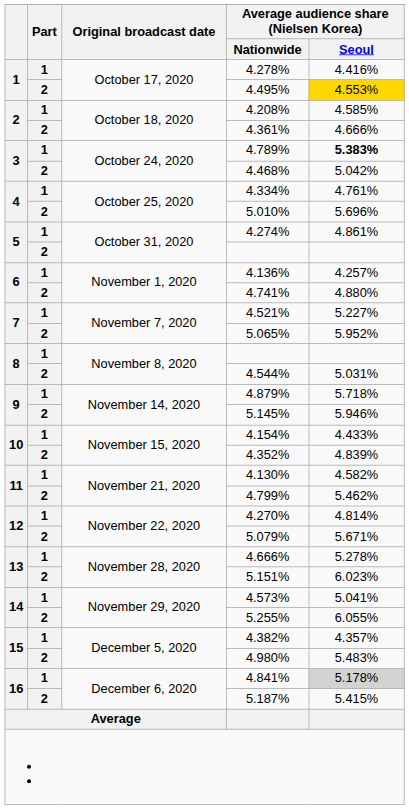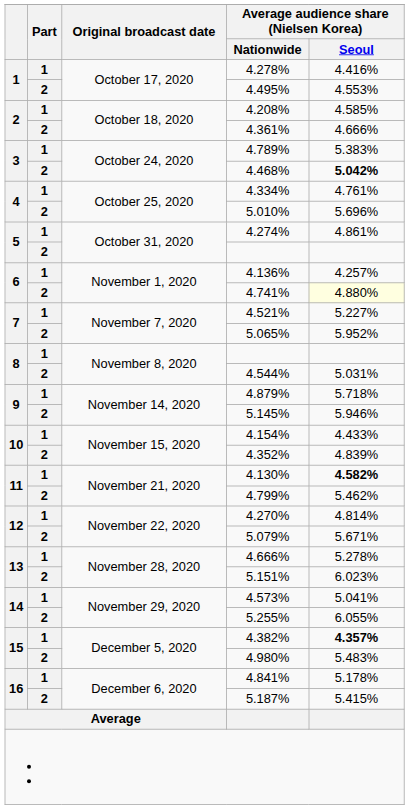 <table class="wikitable" style="text-align:center; margin-left:auto; margin-right:auto; width:500px">
 <tr>
 </tr>
 <tr>
 <th rowspan="2"></th>
 <th rowspan="2">Part</th>
 <th rowspan="2">Original broadcast date</th>
 <th colspan="2">Average audience share<br>(Nielsen Korea)</th>
 </tr>
 <tr>
 <th scope="width:7em">Nationwide</th>
 <th style="width:7em"><a href='#'>Seoul</a></th>
 </tr>
 <tr>
 <th rowspan="2">1</th>
 <th>1</th>
 <td rowspan="2">October 17, 2020</td>
 <td>4.278% </td>
 <td>4.416% </td>
 </tr>
 <tr>
 <th>2</th>
 <td>4.495% </td>
-<td style="background: gold;">4.553% </td>
+<td>4.553% </td>
 </tr>
 <tr>
 <th rowspan="2">2</th>
 <th>1</th>
 <td rowspan="2">October 18, 2020</td>
 <td>4.208% </td>
 <td>4.585% </td>
 </tr>
 <tr>
 <th>2</th>
 <td>4.361% </td>
 <td>4.666% </td>
 </tr>
 <tr>
 <th rowspan="2">3</th>
 <th>1</th>
 <td rowspan="2">October 24, 2020</td>
 <td>4.789% </td>
-<td><strong>5.383% </strong></td>
+<td>5.383% </td>
 </tr>
 <tr>
 <th>2</th>
 <td>4.468% </td>
-<td>5.042% </td>
+<td><strong>5.042% </strong></td>
 </tr>
 <tr>
 <th rowspan="2">4</th>
 <th>1</th>
 <td rowspan="2">October 25, 2020</td>
 <td>4.334% </td>
 <td>4.761% </td>
 </tr>
 <tr>
 <th>2</th>
 <td>5.010% </td>
 <td>5.696% </td>
 </tr>
 <tr>
 <th rowspan="2">5</th>
 <th>1</th>
 <td rowspan="2">October 31, 2020</td>
 <td>4.274% </td>
 <td>4.861% </td>
 </tr>
 <tr>
 <th>2</th>
 <td><strong></strong> </td>
 <td><strong></strong> </td>
 </tr>
 <tr>
 <th rowspan="2">6</th>
 <th>1</th>
 <td rowspan="2">November 1, 2020</td>
 <td>4.136% </td>
 <td>4.257% </td>
 </tr>
 <tr>
 <th>2</th>
 <td>4.741% </td>
-<td>4.880% </td>
+<td style="background: lightyellow;">4.880% </td>
 </tr>
 <tr>
 <th rowspan="2">7</th>
 <th>1</th>
 <td rowspan="2">November 7, 2020</td>
 <td>4.521% </td>
 <td>5.227% </td>
 </tr>
 <tr>
 <th>2</th>
 <td>5.065% </td>
 <td>5.952% </td>
 </tr>
 <tr>
 <th rowspan="2">8</th>
 <th>1</th>
 <td rowspan="2">November 8, 2020</td>
 <td><strong></strong> </td>
 <td><strong></strong> </td>
 </tr>
 <tr>
 <th>2</th>
 <td>4.544% </td>
 <td>5.031% </td>
 </tr>
 <tr>
 <th rowspan="2">9</th>
 <th>1</th>
 <td rowspan="2">November 14, 2020</td>
 <td>4.879% </td>
 <td>5.718% </td>
 </tr>
 <tr>
 <th>2</th>
 <td>5.145% </td>
 <td>5.946% </td>
 </tr>
 <tr>
 <th rowspan="2">10</th>
 <th>1</th>
 <td rowspan="2">November 15, 2020</td>
 <td>4.154% </td>
 <td>4.433% </td>
 </tr>
 <tr>
 <th>2</th>
 <td>4.352% </td>
 <td>4.839% </td>
 </tr>
 <tr>
 <th rowspan="2">11</th>
 <th>1</th>
 <td rowspan="2">November 21, 2020</td>
 <td>4.130% </td>
-<td>4.582% </td>
+<td><strong>4.582% </strong></td>
 </tr>
 <tr>
 <th>2</th>
 <td>4.799% </td>
 <td>5.462% </td>
 </tr>
 <tr>
 <th rowspan="2">12</th>
 <th>1</th>
 <td rowspan="2">November 22, 2020</td>
 <td>4.270% </td>
 <td>4.814% </td>
 </tr>
 <tr>
 <th>2</th>
 <td>5.079% </td>
 <td>5.671% </td>
 </tr>
 <tr>
 <th rowspan="2">13</th>
 <th>1</th>
 <td rowspan="2">November 28, 2020</td>
 <td>4.666% </td>
 <td>5.278% </td>
 </tr>
 <tr>
 <th>2</th>
 <td>5.151% </td>
 <td>6.023% </td>
 </tr>
 <tr>
 <th rowspan="2">14</th>
 <th>1</th>
 <td rowspan="2">November 29, 2020</td>
 <td>4.573% </td>
 <td>5.041% </td>
 </tr>
 <tr>
 <th>2</th>
 <td>5.255% </td>
 <td>6.055% </td>
 </tr>
 <tr>
 <th rowspan="2">15</th>
 <th>1</th>
 <td rowspan="2">December 5, 2020</td>
 <td>4.382% </td>
-<td>4.357% </td>
+<td><strong>4.357% </strong></td>
 </tr>
 <tr>
 <th>2</th>
 <td>4.980% </td>
 <td>5.483% </td>
 </tr>
 <tr>
 <th rowspan="2">16</th>
 <th>1</th>
 <td rowspan="2">December 6, 2020</td>
 <td>4.841% </td>
-<td style="background: lightgrey;">5.178% </td>
+<td>5.178% </td>
 </tr>
 <tr>
 <th>2</th>
 <td>5.187% </td>
 <td>5.415% </td>
 </tr>
 <tr>
 <th colspan="3">Average</th>
 <th></th>
 <th></th>
 </tr>
 <tr>
 <td colspan="7"><br><ul><li></li><li></li></ul></td>
 </tr>
 </table>
